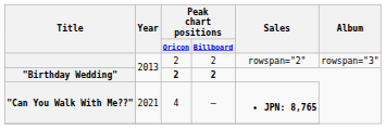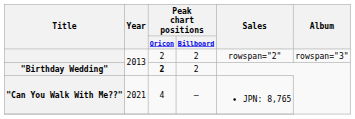 <table class="wikitable plainrowheaders" style="text-align:center;">
 <tr>
 <th scope="col" rowspan="2">Title</th>
 <th scope="col" rowspan="2">Year</th>
 <th scope="col" colspan="2">Peak <br> chart <br> positions</th>
 <th scope="col" rowspan="2">Sales</th>
 <th scope="col" rowspan="2">Album</th>
 </tr>
 <tr>
 <th scope="col" style="width:2.5em;"><small><a href='#'>Oricon</a></small></th>
 <th scope="col" style="width:2.5em;"><small><a href='#'>Billboard</a></small></th>
 </tr>
 <tr>
 <th scope="row"></th>
 <td rowspan="2">2013</td>
 <td>2</td>
 <td>2</td>
 <td>rowspan="2" </td>
 <td>rowspan="3" </td>
 </tr>
 <tr>
 <th scope="row">"Birthday Wedding"</th>
 <td><strong>2</strong></td>
-<td><strong>2</strong></td>
+<td>2</td>
 </tr>
 <tr>
 <th scope="row">"Can You Walk With Me??"</th>
 <td>2021</td>
 <td>4</td>
 <td>—</td>
-<td><strong><br><ul><li>JPN: 8,765</li></ul></strong></td>
+<td><br><ul><li>JPN: 8,765</li></ul></td>
 </tr>
 <tr>
 </tr>
 </table>
